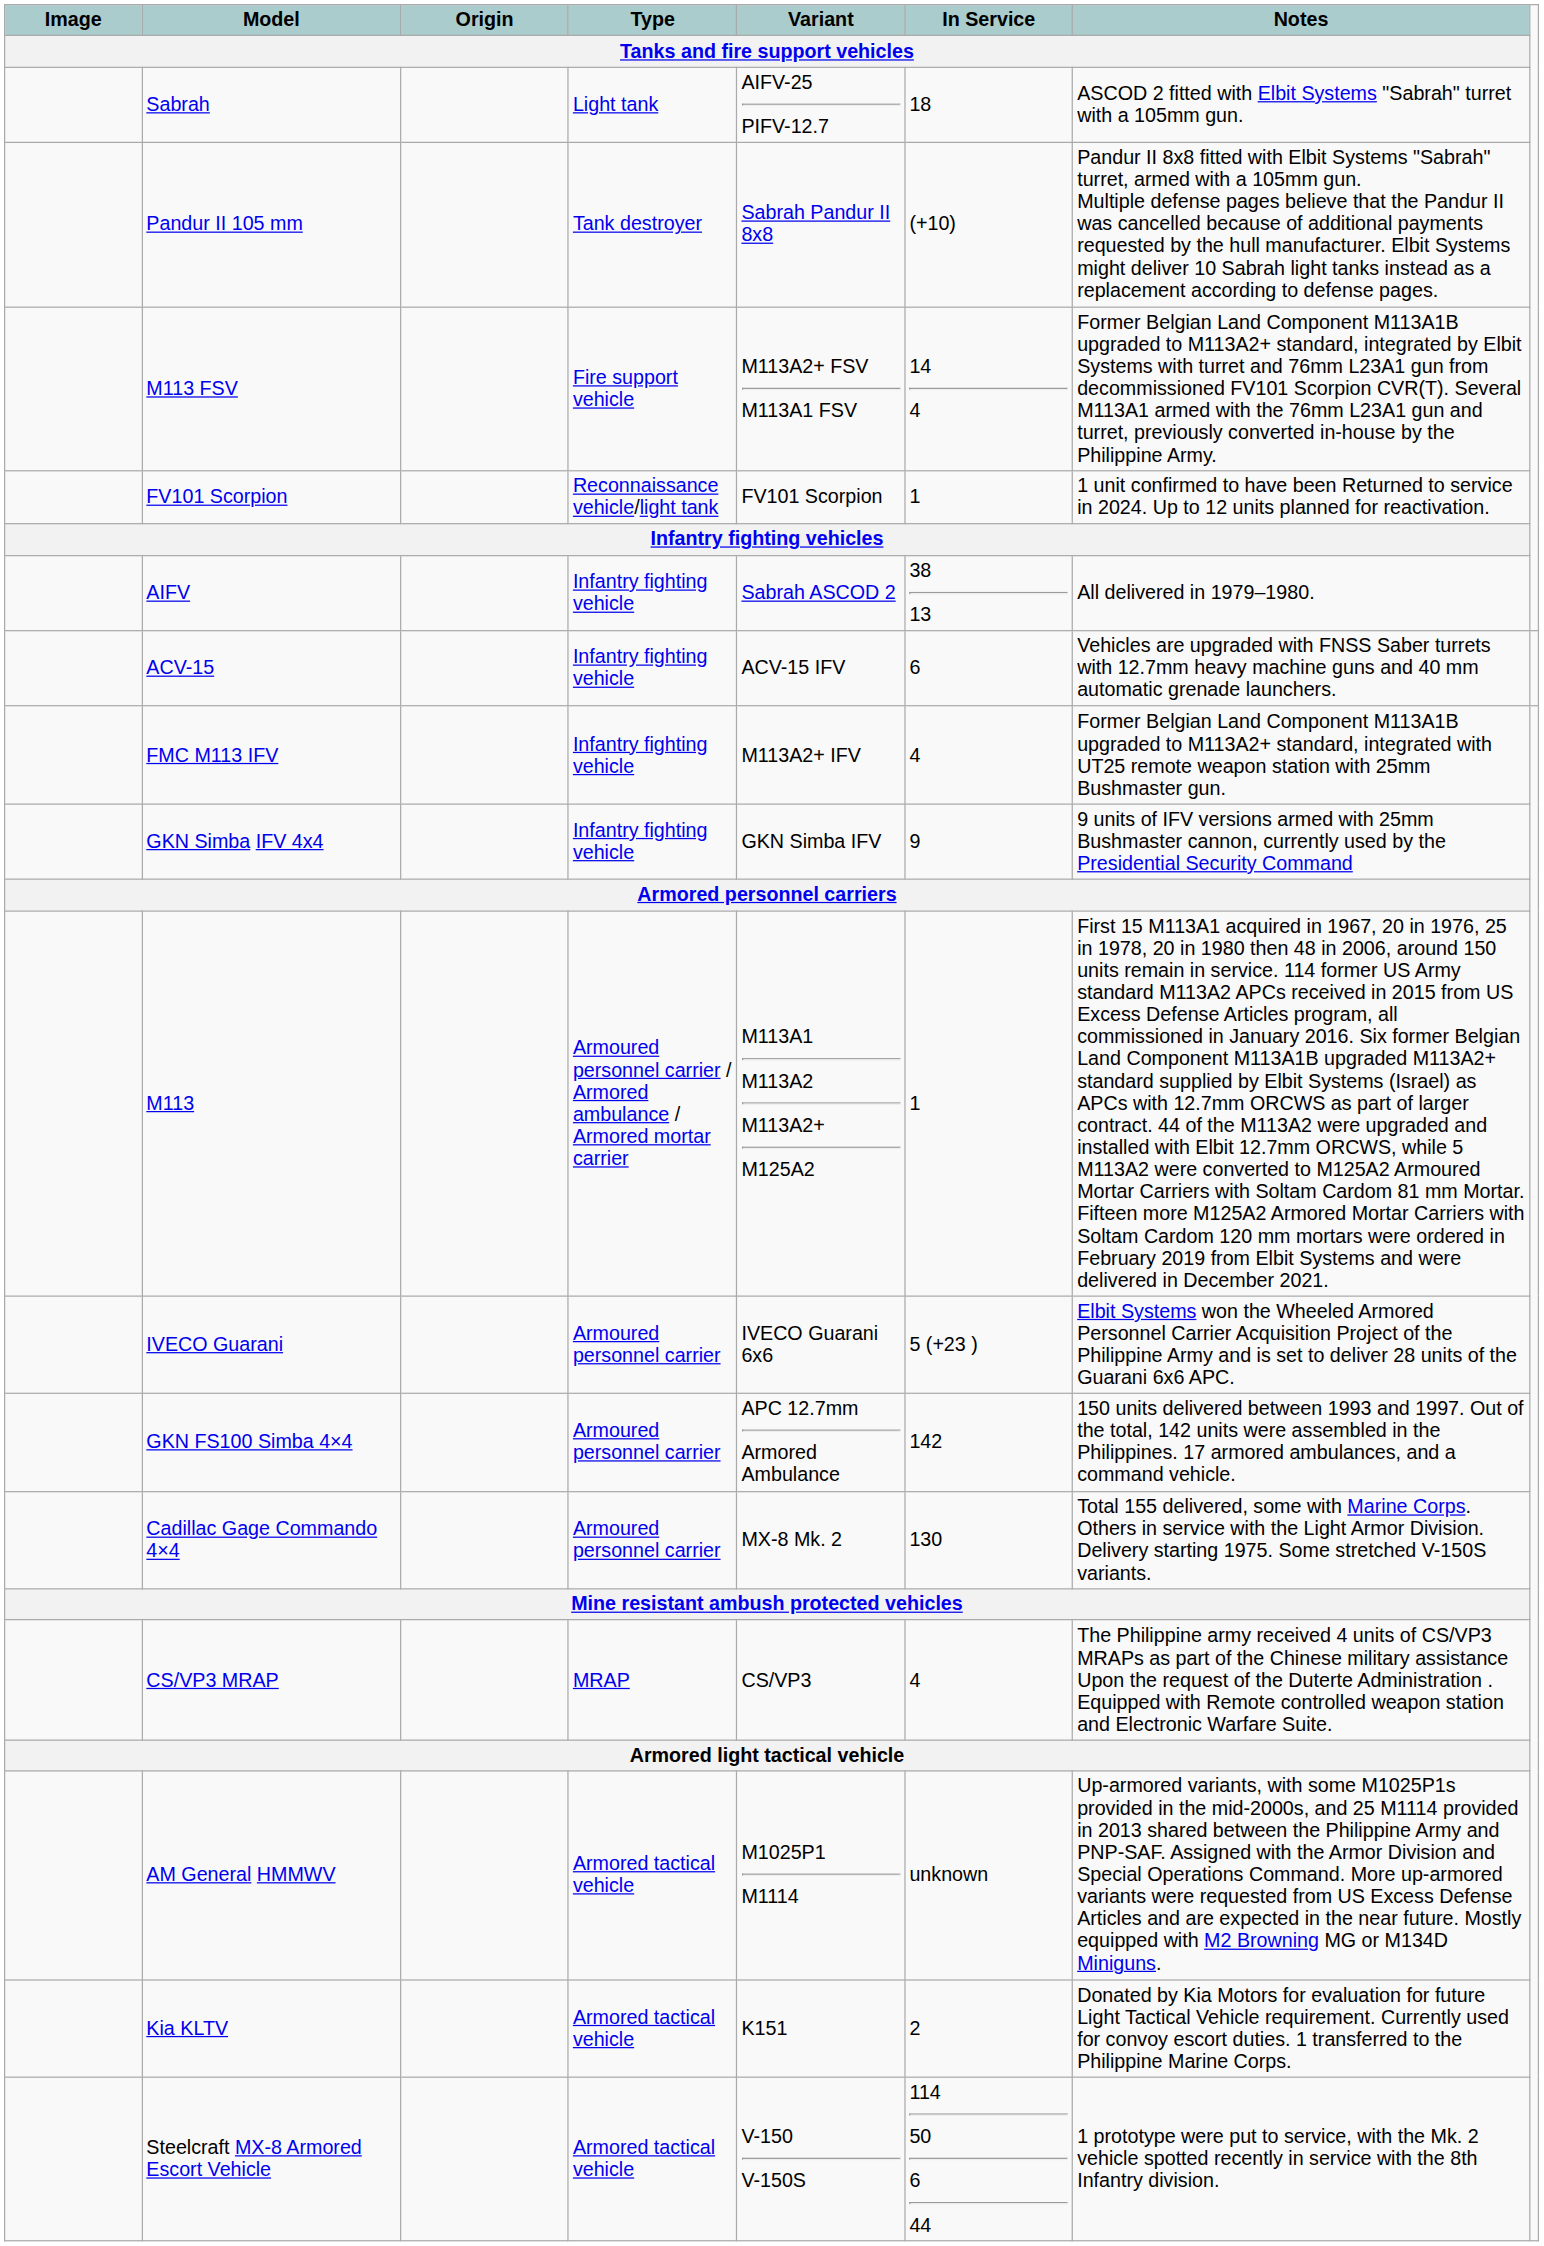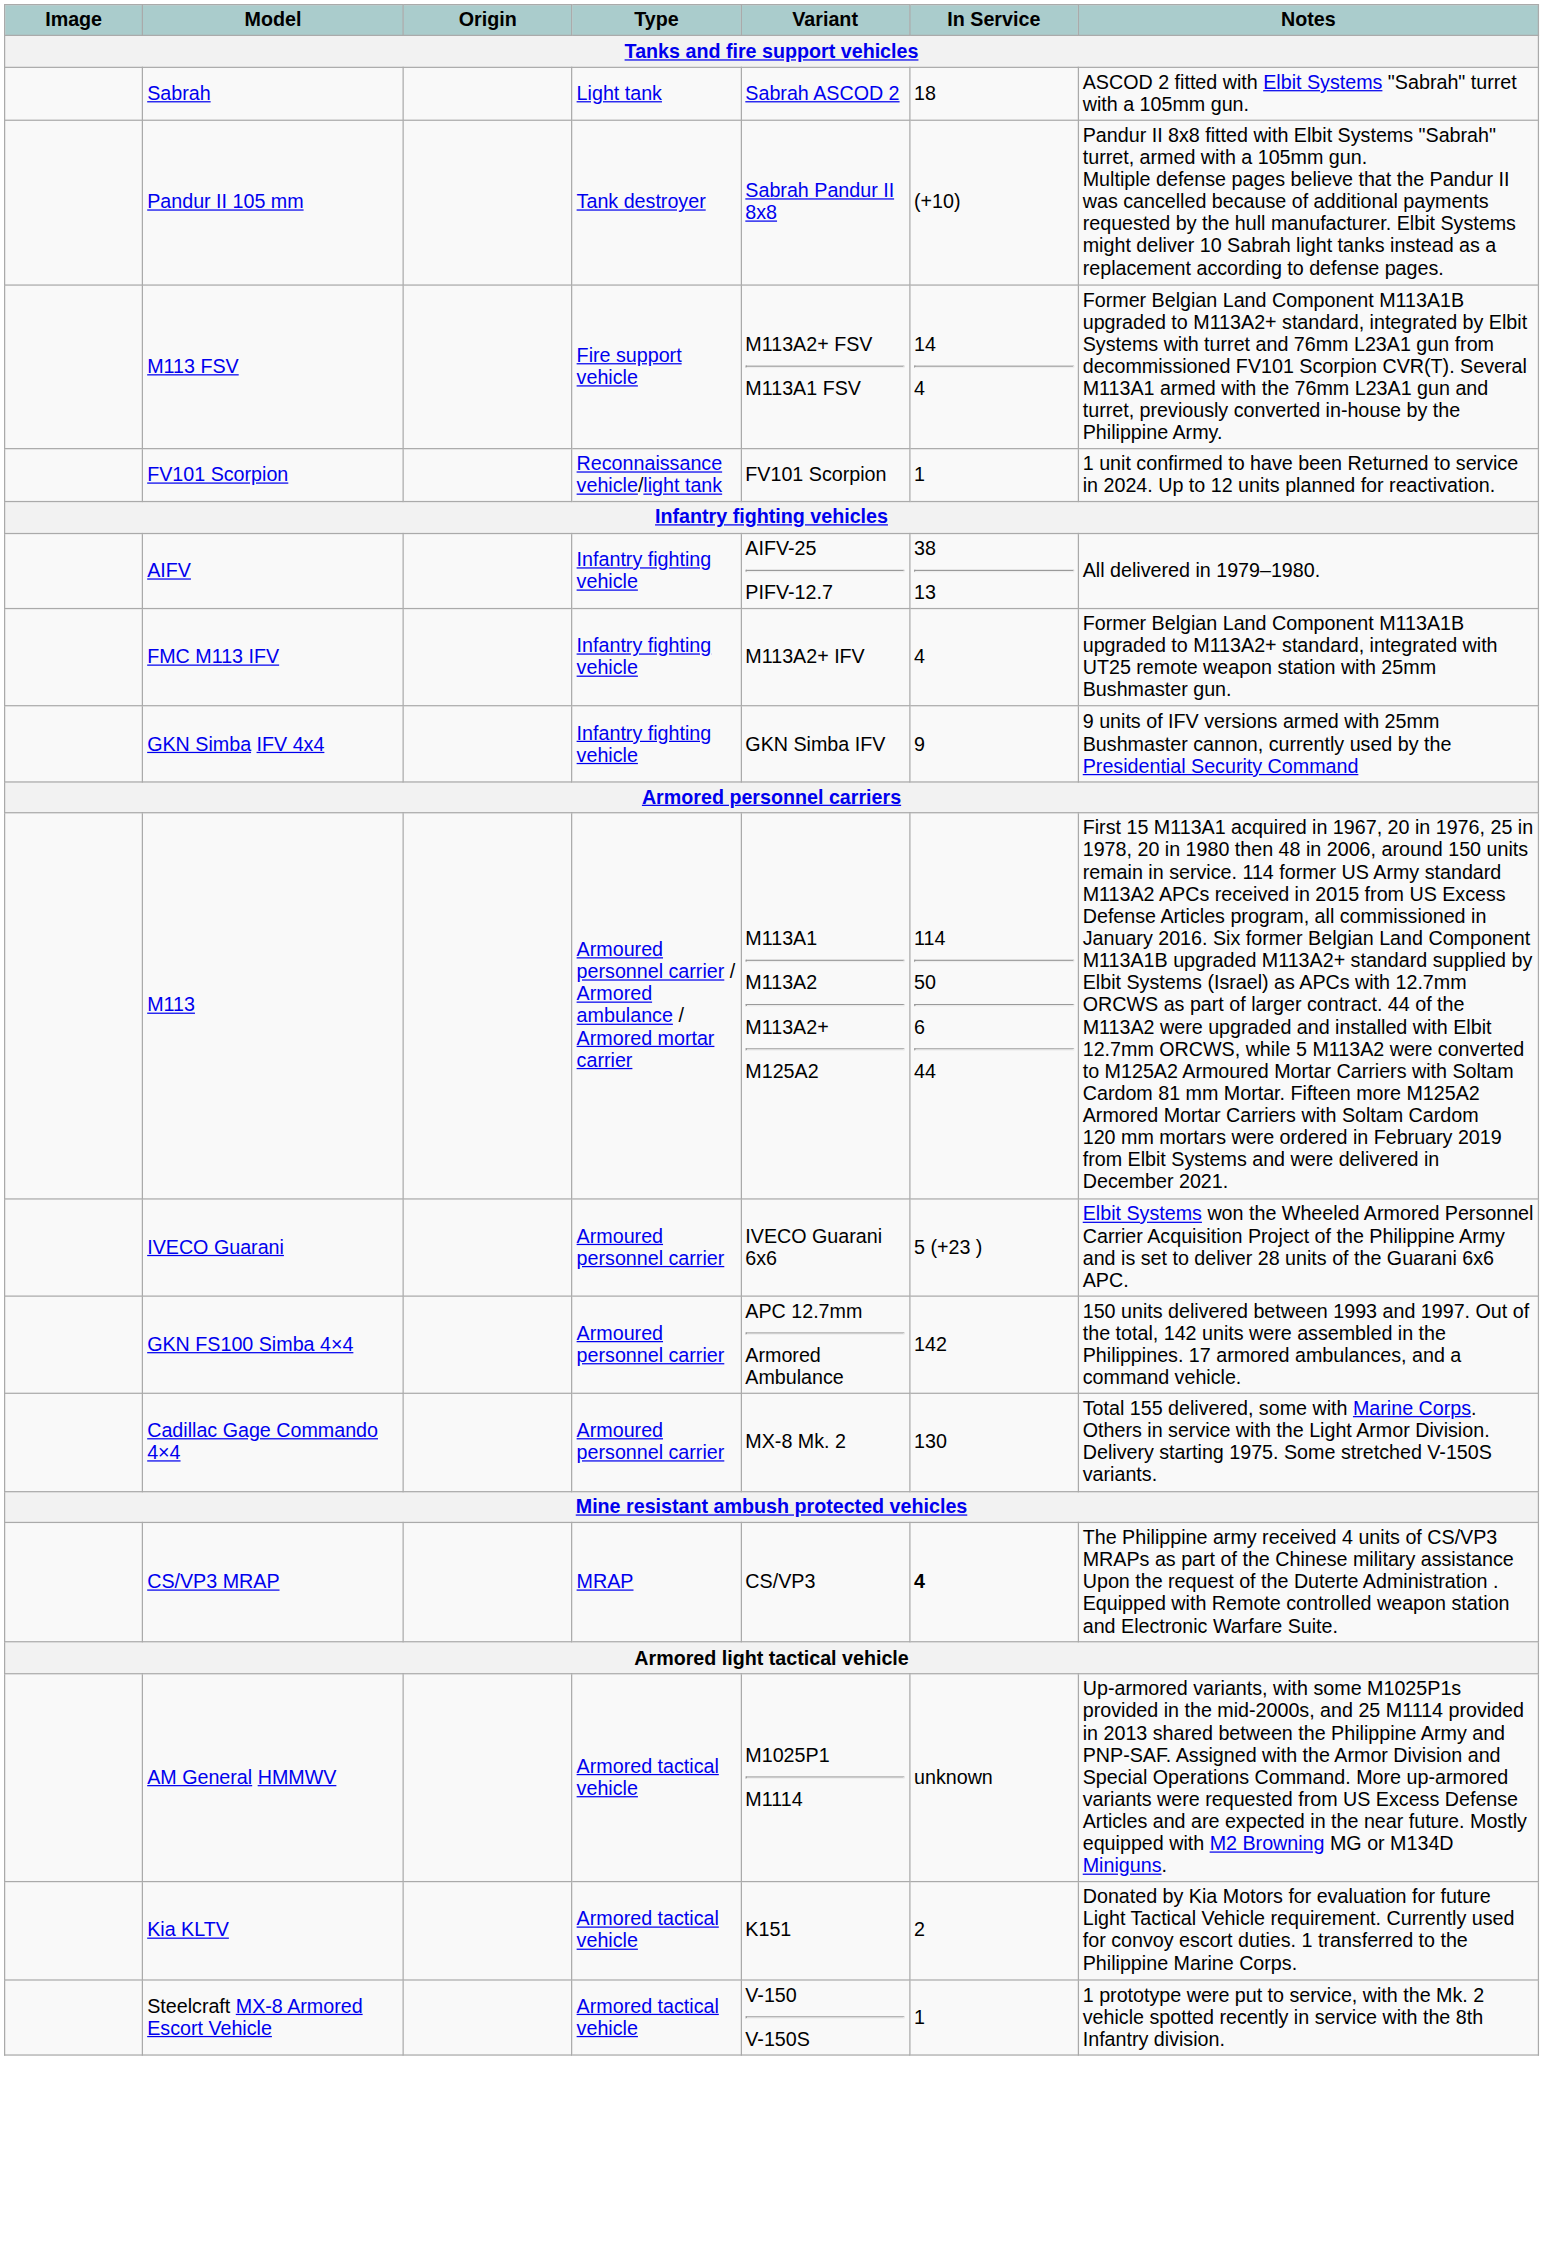 <table class="wikitable">
 <tr>
 <th style="text-align: center; background:#acc; width:9%;">Image</th>
 <th style="text-align: center; background:#acc; width:17%;">Model</th>
 <th style="text-align: center; background:#acc; width:11%;">Origin</th>
 <th style="text-align: center; background:#acc; width:11%;">Type</th>
 <th style="text-align: center; background:#acc; width:11%;">Variant</th>
 <th style="text-align: center; background:#acc; width:11%;">In Service</th>
 <th style="text-align: center; background:#acc; width:30%;">Notes</th>
 </tr>
 <tr>
 <th style="align: center;" colspan="7"><a href='#'>Tanks and fire support vehicles</a></th>
 </tr>
 <tr>
 <td></td>
 <td><a href='#'>Sabrah</a></td>
 <td><br></td>
 <td><a href='#'>Light tank</a></td>
-<td>AIFV-25<hr>PIFV-12.7</td>
+<td><a href='#'>Sabrah ASCOD 2</a></td>
 <td>18 </td>
 <td>ASCOD 2 fitted with <a href='#'>Elbit Systems</a> "Sabrah" turret with a 105mm gun. </td>
 </tr>
 <tr>
 <td></td>
 <td><a href='#'>Pandur II 105 mm</a></td>
 <td><br></td>
 <td><a href='#'>Tank destroyer</a></td>
 <td><a href='#'>Sabrah Pandur II 8x8</a></td>
 <td>(+10) </td>
 <td>Pandur II 8x8 fitted with Elbit Systems "Sabrah" turret, armed with a 105mm gun.<br>Multiple defense pages believe that the Pandur II was cancelled because of additional payments requested by the hull manufacturer. Elbit Systems might deliver 10 Sabrah light tanks instead as a replacement according to defense pages.</td>
 </tr>
 <tr>
 <td></td>
 <td><a href='#'>M113 FSV</a></td>
 <td><br></td>
 <td><a href='#'>Fire support vehicle</a></td>
 <td>M113A2+ FSV<hr>M113A1 FSV</td>
 <td>14<hr>4</td>
 <td>Former Belgian Land Component M113A1B upgraded to M113A2+ standard, integrated by Elbit Systems with turret and 76mm L23A1 gun from decommissioned FV101 Scorpion CVR(T). Several M113A1 armed with the 76mm L23A1 gun and turret, previously converted in-house by the Philippine Army.</td>
 </tr>
 <tr>
 <td></td>
 <td><a href='#'>FV101 Scorpion</a></td>
 <td></td>
 <td><a href='#'>Reconnaissance vehicle</a>/<a href='#'>light tank</a></td>
 <td>FV101 Scorpion</td>
 <td>1</td>
 <td>1 unit confirmed to have been Returned to service in 2024. Up to 12 units planned for reactivation.</td>
 </tr>
 <tr>
 <th style="align: center;" colspan="7"><a href='#'>Infantry fighting vehicles</a></th>
 </tr>
 <tr>
 <td></td>
 <td><a href='#'>AIFV</a></td>
 <td></td>
 <td><a href='#'>Infantry fighting vehicle</a></td>
-<td><a href='#'>Sabrah ASCOD 2</a></td>
+<td>AIFV-25<hr>PIFV-12.7</td>
 <td>38<hr>13</td>
 <td>All delivered in 1979–1980.</td>
-</tr>
-<tr>
-<td></td>
-<td><a href='#'>ACV-15</a></td>
-<td></td>
-<td><a href='#'>Infantry fighting vehicle</a></td>
-<td>ACV-15 IFV</td>
-<td>6</td>
-<td>Vehicles are upgraded with FNSS Saber turrets with 12.7mm heavy machine guns and 40 mm automatic grenade launchers.</td>
-<td></td>
 </tr>
 <tr>
 <td></td>
 <td><a href='#'>FMC M113 IFV</a></td>
 <td><br></td>
 <td><a href='#'>Infantry fighting vehicle</a></td>
 <td>M113A2+ IFV</td>
 <td>4</td>
 <td>Former Belgian Land Component M113A1B upgraded to M113A2+ standard, integrated with UT25 remote weapon station with 25mm Bushmaster gun.</td>
 </tr>
 <tr>
 <td></td>
 <td><a href='#'>GKN Simba</a> <a href='#'>IFV 4x4</a></td>
 <td><br></td>
 <td><a href='#'>Infantry fighting vehicle</a></td>
 <td>GKN Simba IFV</td>
 <td>9</td>
 <td>9 units of IFV versions armed with 25mm Bushmaster cannon, currently used by the <a href='#'>Presidential Security Command</a></td>
 </tr>
 <tr>
 <th style="align: center;" colspan="7"><a href='#'>Armored personnel carriers</a></th>
 </tr>
 <tr>
 <td></td>
 <td><a href='#'>M113</a></td>
 <td></td>
 <td><a href='#'>Armoured personnel carrier</a>  /<br> <a href='#'>Armored ambulance</a> /<br> <a href='#'>Armored mortar carrier</a></td>
 <td>M113A1 <hr> M113A2 <hr> M113A2+ <hr> M125A2</td>
-<td>1</td>
+<td>114 <hr> 50 <hr> 6 <hr> 44</td>
 <td>First 15 M113A1 acquired in 1967, 20 in 1976, 25 in 1978, 20 in 1980 then 48 in 2006, around 150 units remain in service. 114 former US Army standard M113A2 APCs received in 2015 from US Excess Defense Articles program, all commissioned in January 2016. Six former Belgian Land Component M113A1B upgraded M113A2+ standard supplied by Elbit Systems (Israel) as APCs with 12.7mm ORCWS as part of larger contract. 44 of the M113A2 were upgraded and installed with Elbit 12.7mm ORCWS, while 5 M113A2 were converted to M125A2 Armoured Mortar Carriers with Soltam Cardom 81 mm Mortar. Fifteen more M125A2 Armored Mortar Carriers with Soltam Cardom 120 mm mortars were ordered in February 2019 from Elbit Systems and were delivered in December 2021.</td>
 </tr>
 <tr>
 <td></td>
 <td><a href='#'>IVECO Guarani</a></td>
 <td></td>
 <td><a href='#'>Armoured personnel carrier</a></td>
 <td>IVECO Guarani 6x6</td>
 <td>5 (+23 ) </td>
 <td><a href='#'>Elbit Systems</a> won the Wheeled Armored Personnel Carrier Acquisition Project of the Philippine Army and is set to deliver 28 units of the Guarani 6x6 APC.</td>
 </tr>
 <tr>
 <td></td>
 <td><a href='#'>GKN FS100 Simba 4×4</a></td>
 <td><br></td>
 <td><a href='#'>Armoured personnel carrier</a></td>
 <td>APC 12.7mm<hr>Armored Ambulance</td>
 <td>142</td>
 <td>150 units delivered between 1993 and 1997. Out of the total, 142 units were assembled in the Philippines. 17 armored ambulances, and a command vehicle.</td>
 </tr>
 <tr>
 <td></td>
 <td><a href='#'>Cadillac Gage Commando 4×4</a></td>
 <td></td>
 <td><a href='#'>Armoured personnel carrier</a></td>
 <td>MX-8 Mk. 2</td>
 <td>130</td>
 <td>Total 155 delivered, some with <a href='#'>Marine Corps</a>. Others in service with the Light Armor Division. Delivery starting 1975. Some stretched V-150S variants.</td>
 </tr>
 <tr>
 <th style="align: center;" colspan="7"><a href='#'>Mine resistant ambush protected vehicles</a></th>
 </tr>
 <tr>
 <td></td>
 <td><a href='#'>CS/VP3 MRAP</a></td>
 <td></td>
 <td><a href='#'>MRAP</a></td>
 <td>CS/VP3</td>
-<td>4</td>
+<td><strong>4</strong></td>
 <td>The Philippine army received 4 units of CS/VP3 MRAPs as part of the Chinese military assistance Upon the request of the Duterte Administration . Equipped with Remote controlled weapon station and Electronic Warfare Suite.</td>
 </tr>
 <tr>
 <th style="align: center;" colspan="7">Armored light tactical vehicle</th>
 </tr>
 <tr>
 <td></td>
 <td><a href='#'>AM General</a> <a href='#'>HMMWV</a></td>
 <td></td>
 <td><a href='#'>Armored tactical vehicle</a></td>
 <td>M1025P1<hr>M1114</td>
 <td>unknown</td>
 <td>Up-armored variants, with some M1025P1s provided in the mid-2000s, and 25 M1114 provided in 2013 shared between the Philippine Army and PNP-SAF. Assigned with the Armor Division and Special Operations Command. More up-armored variants were requested from US Excess Defense Articles and are expected in the near future. Mostly equipped with <a href='#'>M2 Browning</a> MG or M134D <a href='#'>Miniguns</a>.</td>
 </tr>
 <tr>
 <td></td>
 <td><a href='#'>Kia KLTV</a></td>
 <td></td>
 <td><a href='#'>Armored tactical vehicle</a></td>
 <td>K151</td>
 <td>2</td>
 <td>Donated by Kia Motors for evaluation for future Light Tactical Vehicle requirement. Currently used for convoy escort duties. 1 transferred to the Philippine Marine Corps.</td>
 </tr>
 <tr>
 <td></td>
 <td>Steelcraft <a href='#'>MX-8 Armored Escort Vehicle</a></td>
 <td></td>
 <td><a href='#'>Armored tactical vehicle</a></td>
 <td>V-150<hr>V-150S</td>
-<td>114 <hr> 50 <hr> 6 <hr> 44</td>
+<td>1</td>
 <td>1 prototype were put to service, with the Mk. 2 vehicle spotted recently in service with the 8th Infantry division.</td>
 </tr>
 </table>
